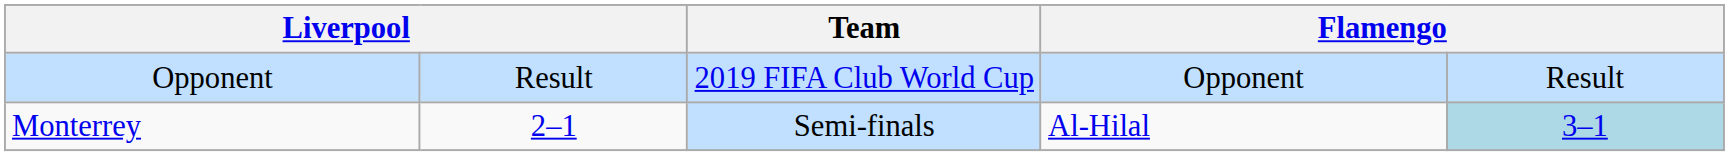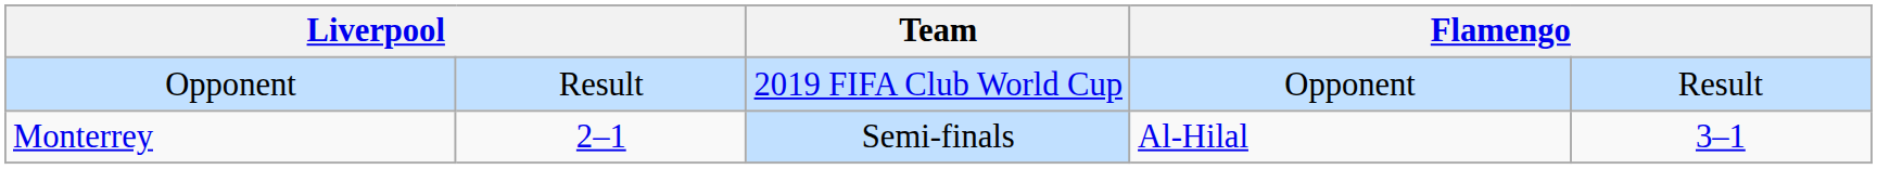 <table class="wikitable">
 <tr>
 <th width=350 colspan=2> <a href='#'>Liverpool</a></th>
 <th>Team</th>
 <th width=350 colspan=2> <a href='#'>Flamengo</a></th>
 </tr>
 <tr style="background:#C1E0FF">
 <td align=center>Opponent</td>
 <td align=center>Result</td>
 <td align=center><a href='#'>2019 FIFA Club World Cup</a></td>
 <td align=center>Opponent</td>
 <td align=center>Result</td>
 </tr>
 <tr>
 <td> <a href='#'>Monterrey</a></td>
 <td align=center><a href='#'>2–1</a></td>
 <td align=center style="background:#C1E0FF">Semi-finals</td>
 <td> <a href='#'>Al-Hilal</a></td>
-<td align=center style="background: lightblue;"><a href='#'>3–1</a></td>
+<td align=center><a href='#'>3–1</a></td>
 </tr>
 </table>
